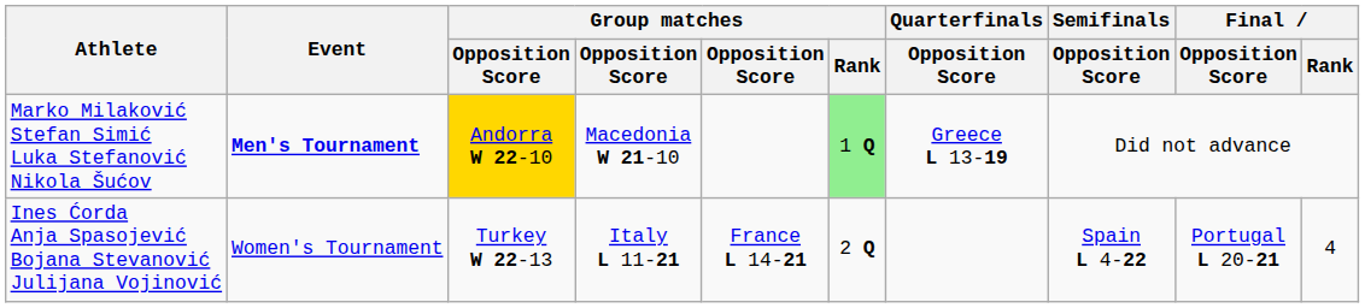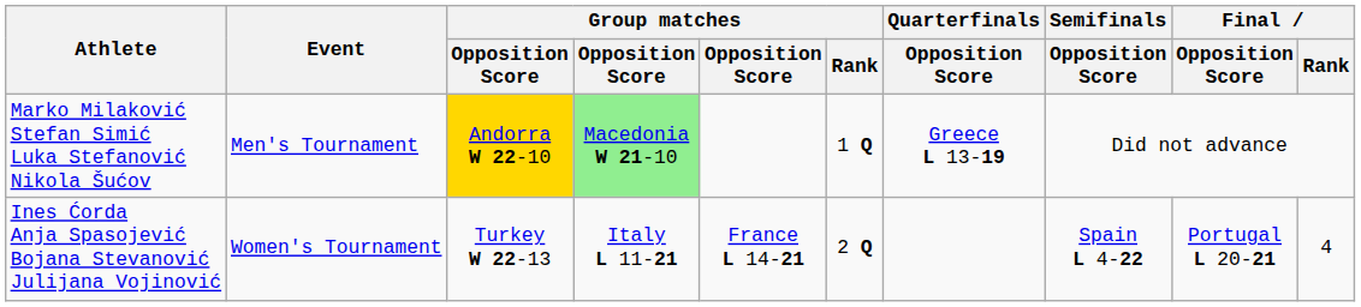 <table class=wikitable style="font-size:90%">
 <tr>
 <th rowspan="2">Athlete</th>
 <th rowspan="2">Event</th>
 <th colspan="4">Group matches</th>
 <th>Quarterfinals</th>
 <th>Semifinals</th>
 <th colspan=2>Final / </th>
 </tr>
 <tr>
 <th>Opposition<br>Score</th>
 <th>Opposition<br>Score</th>
 <th>Opposition<br>Score</th>
 <th>Rank</th>
 <th>Opposition<br>Score</th>
 <th>Opposition<br>Score</th>
 <th>Opposition<br>Score</th>
 <th>Rank</th>
 </tr>
 <tr align=center>
 <td align=left><a href='#'>Marko Milaković</a><br><a href='#'>Stefan Simić</a><br><a href='#'>Luka Stefanović</a><br><a href='#'>Nikola Šućov</a></td>
-<td align=left><strong><a href='#'>Men's Tournament</a></strong></td>
+<td align=left><a href='#'>Men's Tournament</a></td>
 <td style="background: gold;"> <a href='#'>Andorra</a><br><strong>W</strong> <strong>22</strong>-10</td>
-<td> <a href='#'>Macedonia</a><br><strong>W</strong> <strong>21</strong>-10</td>
+<td style="background: lightgreen;"> <a href='#'>Macedonia</a><br><strong>W</strong> <strong>21</strong>-10</td>
 <td></td>
-<td style="background: lightgreen;">1 <strong>Q</strong></td>
+<td>1 <strong>Q</strong></td>
 <td> <a href='#'>Greece</a><br><strong>L</strong> 13-<strong>19</strong></td>
 <td colspan=3>Did not advance</td>
 </tr>
 <tr align=center>
 <td align=left><a href='#'>Ines Ćorda</a><br><a href='#'>Anja Spasojević</a><br><a href='#'>Bojana Stevanović</a><br><a href='#'>Julijana Vojinović</a></td>
 <td align=left><a href='#'>Women's Tournament</a></td>
 <td> <a href='#'>Turkey</a><br><strong>W</strong> <strong>22</strong>-13</td>
 <td> <a href='#'>Italy</a><br><strong>L</strong> 11-<strong>21</strong></td>
 <td> <a href='#'>France</a><br><strong>L</strong> 14-<strong>21</strong></td>
 <td>2 <strong>Q</strong></td>
 <td></td>
 <td> <a href='#'>Spain</a><br><strong>L</strong> 4-<strong>22</strong></td>
 <td> <a href='#'>Portugal</a><br><strong>L</strong> 20-<strong>21</strong></td>
 <td>4</td>
 </tr>
 </table>
